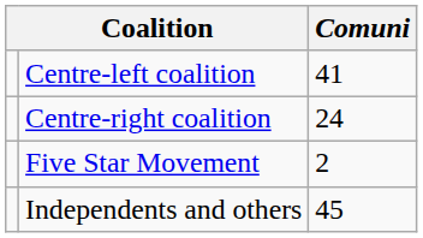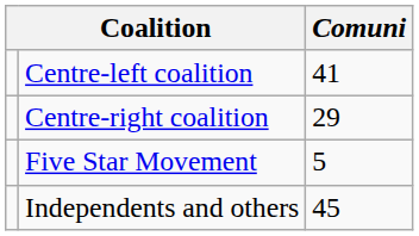 <table class="wikitable">
 <tr>
 <th colspan=2>Coalition</th>
 <th><em>Comuni</em></th>
 </tr>
 <tr>
 <td></td>
 <td><a href='#'>Centre-left coalition</a></td>
 <td>41</td>
 </tr>
 <tr>
 <td></td>
 <td><a href='#'>Centre-right coalition</a></td>
-<td>24</td>
+<td>29</td>
 </tr>
 <tr>
 <td></td>
 <td><a href='#'>Five Star Movement</a></td>
-<td>2</td>
+<td>5</td>
 </tr>
 <tr>
 <td></td>
 <td>Independents and others</td>
 <td>45</td>
 </tr>
 </table>
